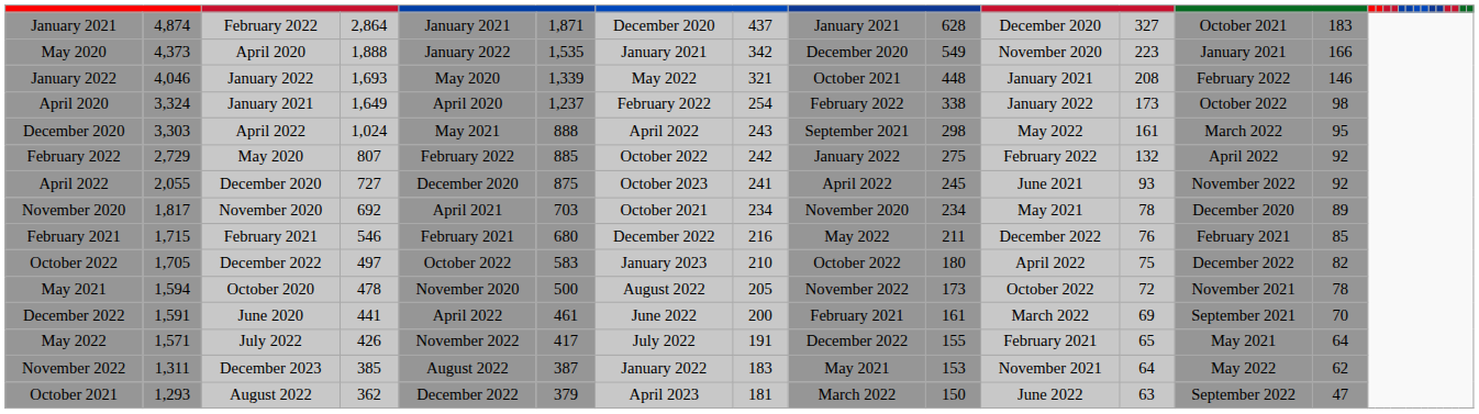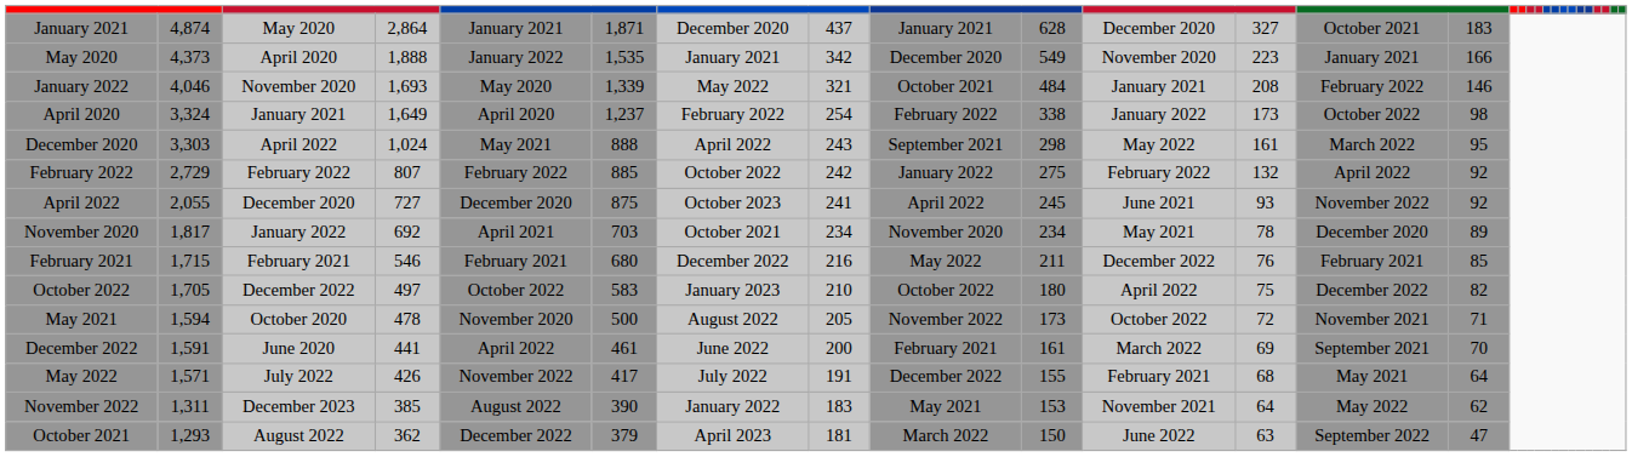 <table class="wikitable" style="text-align:center; text:#FFFFFF; font-size:85%">
 <tr>
 <th colspan="2" style="background:#FF0000"></th>
 <th colspan="2" style="background:#C8102E"></th>
 <th colspan="2" style="background:#003DA5"></th>
 <th colspan="2" style="background:#0047BB"></th>
 <th colspan="2" style="background:#0D3692"></th>
 <th colspan="2" style="background:#C8102E"></th>
 <th colspan="2" style="background:#076A21"></th>
 <th style="background:#FF0000"></th>
 <th style="background:#FF0000"></th>
 <th style="background:#C8102E"></th>
 <th style="background:#C8102E"></th>
 <th style="background:#003DA5"></th>
 <th style="background:#003DA5"></th>
 <th style="background:#0047BB"></th>
 <th style="background:#0047BB"></th>
 <th style="background:#0D3692"></th>
 <th style="background:#0D3692"></th>
 <th style="background:#C8102E"></th>
 <th style="background:#C8102E"></th>
 <th style="background:#076A21"></th>
 <th style="background:#076A21"></th>
 </tr>
 <tr>
 <td style="background:#969696" width="135">January 2021</td>
 <td style="background:#969696" width="50">4,874</td>
-<td style="background:#C8C8C8" width="135">February 2022</td>
+<td style="background:#C8C8C8" width="135">May 2020</td>
 <td style="background:#C8C8C8" width="50">2,864</td>
 <td style="background:#969696" width="135">January 2021</td>
 <td style="background:#969696" width="50">1,871</td>
 <td style="background:#C8C8C8" width="135">December 2020</td>
 <td style="background:#C8C8C8" width="50">437</td>
 <td style="background:#969696" width="135">January 2021</td>
 <td style="background:#969696" width="50">628</td>
 <td style="background:#C8C8C8" width="135">December 2020</td>
 <td style="background:#C8C8C8" width="50">327</td>
 <td style="background:#969696" width="135">October 2021</td>
 <td style="background:#969696" width="50">183</td>
 </tr>
 <tr>
 <td style="background:#969696" width="135">May 2020</td>
 <td style="background:#969696" width="50">4,373</td>
 <td style="background:#C8C8C8" width="135">April 2020</td>
 <td style="background:#C8C8C8" width="50">1,888</td>
 <td style="background:#969696" width="135">January 2022</td>
 <td style="background:#969696" width="50">1,535</td>
 <td style="background:#C8C8C8" width="135">January 2021</td>
 <td style="background:#C8C8C8" width="50">342</td>
 <td style="background:#969696" width="135">December 2020</td>
 <td style="background:#969696" width="50">549</td>
 <td style="background:#C8C8C8" width="135">November 2020</td>
 <td style="background:#C8C8C8" width="50">223</td>
 <td style="background:#969696" width="135">January 2021</td>
 <td style="background:#969696" width="50">166</td>
 </tr>
 <tr>
 <td style="background:#969696" width="135">January 2022</td>
 <td style="background:#969696" width="50">4,046</td>
-<td style="background:#C8C8C8" width="135">January 2022</td>
+<td style="background:#C8C8C8" width="135">November 2020</td>
 <td style="background:#C8C8C8" width="50">1,693</td>
 <td style="background:#969696" width="135">May 2020</td>
 <td style="background:#969696" width="50">1,339</td>
 <td style="background:#C8C8C8" width="135">May 2022</td>
 <td style="background:#C8C8C8" width="50">321</td>
 <td style="background:#969696" width="135">October 2021</td>
-<td style="background:#969696" width="50">448</td>
+<td style="background:#969696" width="50">484</td>
 <td style="background:#C8C8C8" width="135">January 2021</td>
 <td style="background:#C8C8C8" width="50">208</td>
 <td style="background:#969696" width="135">February 2022</td>
 <td style="background:#969696" width="50">146</td>
 </tr>
 <tr>
 <td style="background:#969696" width="135">April 2020</td>
 <td style="background:#969696" width="50">3,324</td>
 <td style="background:#C8C8C8" width="135">January 2021</td>
 <td style="background:#C8C8C8" width="50">1,649</td>
 <td style="background:#969696" width="135">April 2020</td>
 <td style="background:#969696" width="50">1,237</td>
 <td style="background:#C8C8C8" width="135">February 2022</td>
 <td style="background:#C8C8C8" width="50">254</td>
 <td style="background:#969696" width="135">February 2022</td>
 <td style="background:#969696" width="50">338</td>
 <td style="background:#C8C8C8" width="135">January 2022</td>
 <td style="background:#C8C8C8" width="50">173</td>
 <td style="background:#969696" width="135">October 2022</td>
 <td style="background:#969696" width="50">98</td>
 </tr>
 <tr>
 <td style="background:#969696" width="135">December 2020</td>
 <td style="background:#969696" width="50">3,303</td>
 <td style="background:#C8C8C8" width="135">April 2022</td>
 <td style="background:#C8C8C8" width="50">1,024</td>
 <td style="background:#969696" width="135">May 2021</td>
 <td style="background:#969696" width="50">888</td>
 <td style="background:#C8C8C8" width="135">April 2022</td>
 <td style="background:#C8C8C8" width="50">243</td>
 <td style="background:#969696" width="135">September 2021</td>
 <td style="background:#969696" width="50">298</td>
 <td style="background:#C8C8C8" width="135">May 2022</td>
 <td style="background:#C8C8C8" width="50">161</td>
 <td style="background:#969696" width="135">March 2022</td>
 <td style="background:#969696" width="50">95</td>
 </tr>
 <tr>
 <td style="background:#969696" width="135">February 2022</td>
 <td style="background:#969696" width="50">2,729</td>
-<td style="background:#C8C8C8" width="135">May 2020</td>
+<td style="background:#C8C8C8" width="135">February 2022</td>
 <td style="background:#C8C8C8" width="50">807</td>
 <td style="background:#969696" width="135">February 2022</td>
 <td style="background:#969696" width="50">885</td>
 <td style="background:#C8C8C8" width="135">October 2022</td>
 <td style="background:#C8C8C8" width="50">242</td>
 <td style="background:#969696" width="135">January 2022</td>
 <td style="background:#969696" width="50">275</td>
 <td style="background:#C8C8C8" width="135">February 2022</td>
 <td style="background:#C8C8C8" width="50">132</td>
 <td style="background:#969696" width="135">April 2022</td>
 <td style="background:#969696" width="50">92</td>
 </tr>
 <tr>
 <td style="background:#969696" width="135">April 2022</td>
 <td style="background:#969696" width="50">2,055</td>
 <td style="background:#C8C8C8" width="135">December 2020</td>
 <td style="background:#C8C8C8" width="50">727</td>
 <td style="background:#969696" width="135">December 2020</td>
 <td style="background:#969696" width="50">875</td>
 <td style="background:#C8C8C8" width="135">October 2023</td>
 <td style="background:#C8C8C8" width="50">241</td>
 <td style="background:#969696" width="135">April 2022</td>
 <td style="background:#969696" width="50">245</td>
 <td style="background:#C8C8C8" width="135">June 2021</td>
 <td style="background:#C8C8C8" width="50">93</td>
 <td style="background:#969696" width="135">November 2022</td>
 <td style="background:#969696" width="50">92</td>
 </tr>
 <tr>
 <td style="background:#969696" width="135">November 2020</td>
 <td style="background:#969696" width="50">1,817</td>
-<td style="background:#C8C8C8" width="135">November 2020</td>
+<td style="background:#C8C8C8" width="135">January 2022</td>
 <td style="background:#C8C8C8" width="50">692</td>
 <td style="background:#969696" width="135">April 2021</td>
 <td style="background:#969696" width="50">703</td>
 <td style="background:#C8C8C8" width="135">October 2021</td>
 <td style="background:#C8C8C8" width="50">234</td>
 <td style="background:#969696" width="135">November 2020</td>
 <td style="background:#969696" width="50">234</td>
 <td style="background:#C8C8C8" width="135">May 2021</td>
 <td style="background:#C8C8C8" width="50">78</td>
 <td style="background:#969696" width="135">December 2020</td>
 <td style="background:#969696" width="50">89</td>
 </tr>
 <tr>
 <td style="background:#969696" width="135">February 2021</td>
 <td style="background:#969696" width="50">1,715</td>
 <td style="background:#C8C8C8" width="135">February 2021</td>
 <td style="background:#C8C8C8" width="50">546</td>
 <td style="background:#969696" width="135">February 2021</td>
 <td style="background:#969696" width="50">680</td>
 <td style="background:#C8C8C8" width="135">December 2022</td>
 <td style="background:#C8C8C8" width="50">216</td>
 <td style="background:#969696" width="135">May 2022</td>
 <td style="background:#969696" width="50">211</td>
 <td style="background:#C8C8C8" width="135">December 2022</td>
 <td style="background:#C8C8C8" width="50">76</td>
 <td style="background:#969696" width="135">February 2021</td>
 <td style="background:#969696" width="50">85</td>
 </tr>
 <tr>
 <td style="background:#969696" width="135">October 2022</td>
 <td style="background:#969696" width="50">1,705</td>
 <td style="background:#C8C8C8" width="135">December 2022</td>
 <td style="background:#C8C8C8" width="50">497</td>
 <td style="background:#969696" width="135">October 2022</td>
 <td style="background:#969696" width="50">583</td>
 <td style="background:#C8C8C8" width="135">January 2023</td>
 <td style="background:#C8C8C8" width="50">210</td>
 <td style="background:#969696" width="135">October 2022</td>
 <td style="background:#969696" width="50">180</td>
 <td style="background:#C8C8C8" width="135">April 2022</td>
 <td style="background:#C8C8C8" width="50">75</td>
 <td style="background:#969696" width="135">December 2022</td>
 <td style="background:#969696" width="50">82</td>
 </tr>
 <tr>
 <td style="background:#969696" width="135">May 2021</td>
 <td style="background:#969696" width="50">1,594</td>
 <td style="background:#C8C8C8" width="135">October 2020</td>
 <td style="background:#C8C8C8" width="50">478</td>
 <td style="background:#969696" width="135">November 2020</td>
 <td style="background:#969696" width="50">500</td>
 <td style="background:#C8C8C8" width="135">August 2022</td>
 <td style="background:#C8C8C8" width="50">205</td>
 <td style="background:#969696" width="135">November 2022</td>
 <td style="background:#969696" width="50">173</td>
 <td style="background:#C8C8C8" width="135">October 2022</td>
 <td style="background:#C8C8C8" width="50">72</td>
 <td style="background:#969696" width="135">November 2021</td>
-<td style="background:#969696" width="50">78</td>
+<td style="background:#969696" width="50">71</td>
 </tr>
 <tr>
 <td style="background:#969696" width="135">December 2022</td>
 <td style="background:#969696" width="50">1,591</td>
 <td style="background:#C8C8C8" width="135">June 2020</td>
 <td style="background:#C8C8C8" width="50">441</td>
 <td style="background:#969696" width="135">April 2022</td>
 <td style="background:#969696" width="50">461</td>
 <td style="background:#C8C8C8" width="135">June 2022</td>
 <td style="background:#C8C8C8" width="50">200</td>
 <td style="background:#969696" width="135">February 2021</td>
 <td style="background:#969696" width="50">161</td>
 <td style="background:#C8C8C8" width="135">March 2022</td>
 <td style="background:#C8C8C8" width="50">69</td>
 <td style="background:#969696" width="135">September 2021</td>
 <td style="background:#969696" width="50">70</td>
 </tr>
 <tr>
 <td style="background:#969696" width="135">May 2022</td>
 <td style="background:#969696" width="50">1,571</td>
 <td style="background:#C8C8C8" width="135">July 2022</td>
 <td style="background:#C8C8C8" width="50">426</td>
 <td style="background:#969696" width="135">November 2022</td>
 <td style="background:#969696" width="50">417</td>
 <td style="background:#C8C8C8" width="135">July 2022</td>
 <td style="background:#C8C8C8" width="50">191</td>
 <td style="background:#969696" width="135">December 2022</td>
 <td style="background:#969696" width="50">155</td>
 <td style="background:#C8C8C8" width="135">February 2021</td>
-<td style="background:#C8C8C8" width="50">65</td>
+<td style="background:#C8C8C8" width="50">68</td>
 <td style="background:#969696" width="135">May 2021</td>
 <td style="background:#969696" width="50">64</td>
 </tr>
 <tr>
 <td style="background:#969696" width="135">November 2022</td>
 <td style="background:#969696" width="50">1,311</td>
 <td style="background:#C8C8C8" width="135">December 2023</td>
 <td style="background:#C8C8C8" width="50">385</td>
 <td style="background:#969696" width="135">August 2022</td>
-<td style="background:#969696" width="50">387</td>
+<td style="background:#969696" width="50">390</td>
 <td style="background:#C8C8C8" width="135">January 2022</td>
 <td style="background:#C8C8C8" width="50">183</td>
 <td style="background:#969696" width="135">May 2021</td>
 <td style="background:#969696" width="50">153</td>
 <td style="background:#C8C8C8" width="135">November 2021</td>
 <td style="background:#C8C8C8" width="50">64</td>
 <td style="background:#969696" width="135">May 2022</td>
 <td style="background:#969696" width="50">62</td>
 </tr>
 <tr>
 <td style="background:#969696" width="135">October 2021</td>
 <td style="background:#969696" width="50">1,293</td>
 <td style="background:#C8C8C8" width="135">August 2022</td>
 <td style="background:#C8C8C8" width="50">362</td>
 <td style="background:#969696" width="135">December 2022</td>
 <td style="background:#969696" width="50">379</td>
 <td style="background:#C8C8C8" width="135">April 2023</td>
 <td style="background:#C8C8C8" width="50">181</td>
 <td style="background:#969696" width="135">March 2022</td>
 <td style="background:#969696" width="50">150</td>
 <td style="background:#C8C8C8" width="135">June 2022</td>
 <td style="background:#C8C8C8" width="50">63</td>
 <td style="background:#969696" width="135">September 2022</td>
 <td style="background:#969696" width="50">47</td>
 </tr>
 </table>
